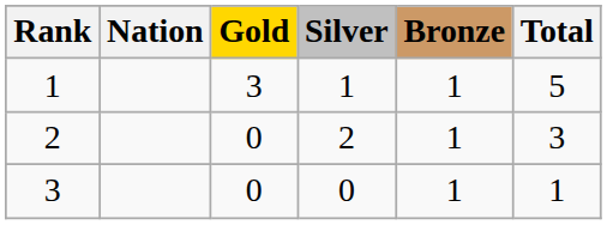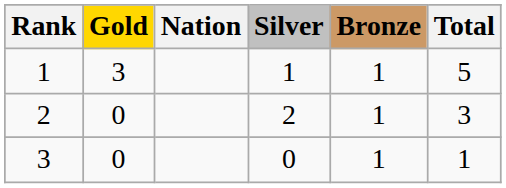 <table class="wikitable sortable" style="text-align:center">
 <tr>
 <th>Rank</th>
+<th style="background-color:gold">Gold</th>
 <th>Nation</th>
-<th style="background-color:gold">Gold</th>
 <th style="background-color:silver">Silver</th>
 <th style="background-color:#cc9966">Bronze</th>
 <th>Total</th>
 </tr>
 <tr>
 <td>1</td>
+<td>3</td>
 <td align=left></td>
-<td>3</td>
 <td>1</td>
 <td>1</td>
 <td>5</td>
 </tr>
 <tr>
 <td>2</td>
+<td>0</td>
 <td align=left></td>
-<td>0</td>
 <td>2</td>
 <td>1</td>
 <td>3</td>
 </tr>
 <tr>
 <td>3</td>
+<td>0</td>
 <td align=left></td>
-<td>0</td>
 <td>0</td>
 <td>1</td>
 <td>1</td>
 </tr>
 </table>
